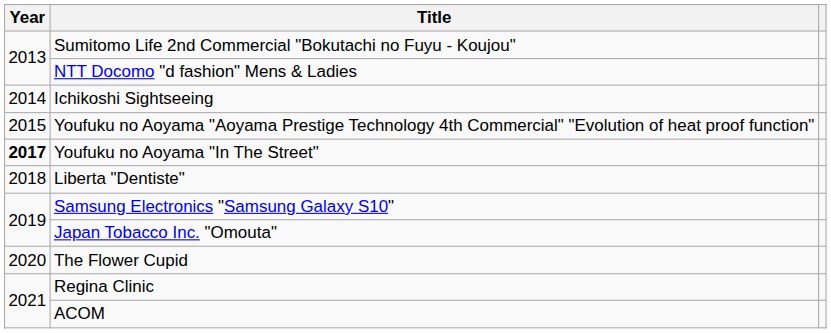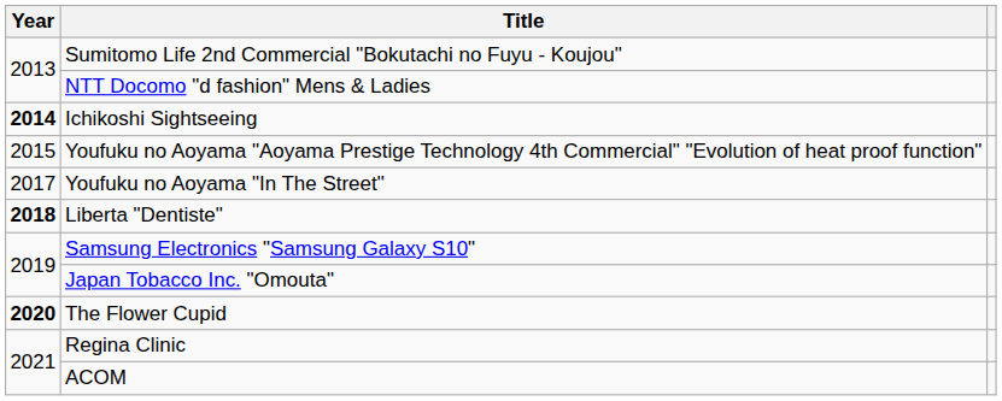 <table class="wikitable sortable">
 <tr>
 <th>Year</th>
 <th>Title</th>
 <th class="unsortable"></th>
 </tr>
 <tr>
 <td rowspan="2">2013</td>
 <td>Sumitomo Life 2nd Commercial "Bokutachi no Fuyu - Koujou"</td>
 <td></td>
 </tr>
 <tr>
 <td><a href='#'>NTT Docomo</a> "d fashion" Mens & Ladies</td>
 <td></td>
 </tr>
 <tr>
-<td>2014</td>
+<td><strong>2014</strong></td>
 <td>Ichikoshi Sightseeing</td>
 <td></td>
 </tr>
 <tr>
 <td>2015</td>
 <td>Youfuku no Aoyama "Aoyama Prestige Technology 4th Commercial" "Evolution of heat proof function"</td>
 <td></td>
 </tr>
 <tr>
-<td><strong>2017</strong></td>
+<td>2017</td>
 <td>Youfuku no Aoyama "In The Street"</td>
 <td></td>
 </tr>
 <tr>
-<td>2018</td>
+<td><strong>2018</strong></td>
 <td>Liberta "Dentiste"</td>
 <td></td>
 </tr>
 <tr>
 <td rowspan="2">2019</td>
 <td><a href='#'>Samsung Electronics</a> "<a href='#'>Samsung Galaxy S10</a>"</td>
 <td></td>
 </tr>
 <tr>
 <td><a href='#'>Japan Tobacco Inc.</a> "Omouta"</td>
 <td></td>
 </tr>
 <tr>
-<td>2020</td>
+<td><strong>2020</strong></td>
 <td>The Flower Cupid</td>
 <td></td>
 </tr>
 <tr>
 <td rowspan="2">2021</td>
 <td>Regina Clinic</td>
 <td></td>
 </tr>
 <tr>
 <td>ACOM</td>
 <td></td>
 </tr>
 </table>
